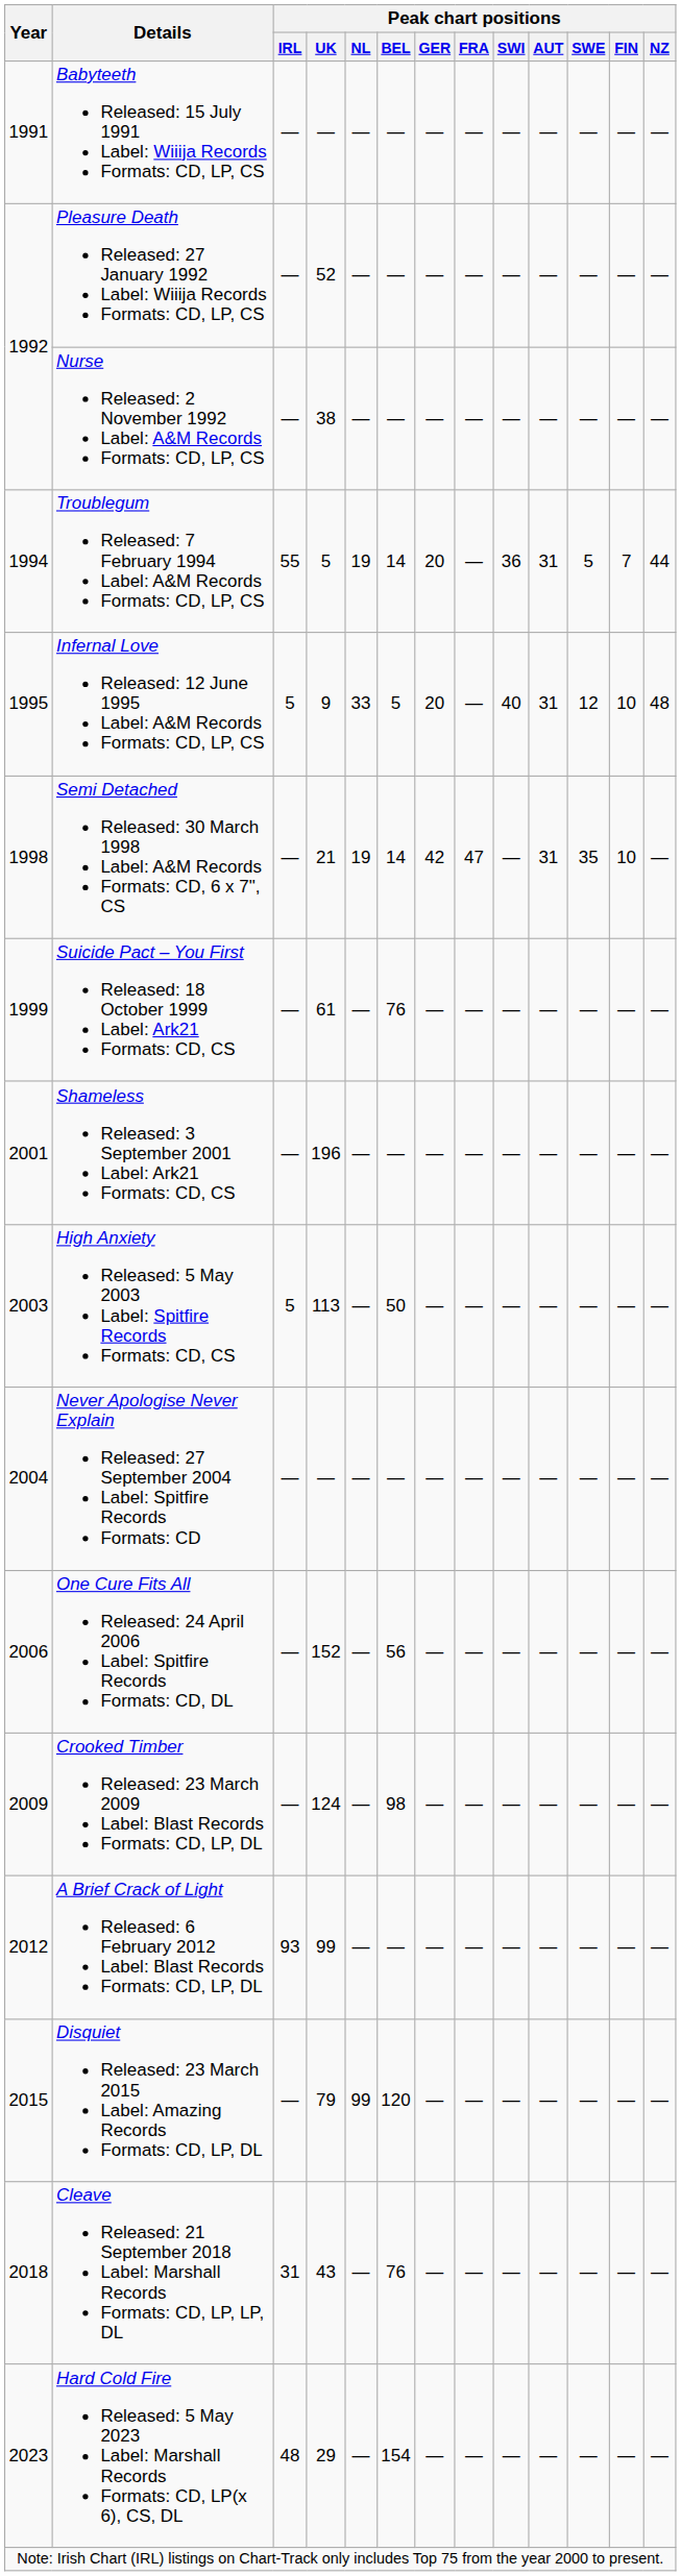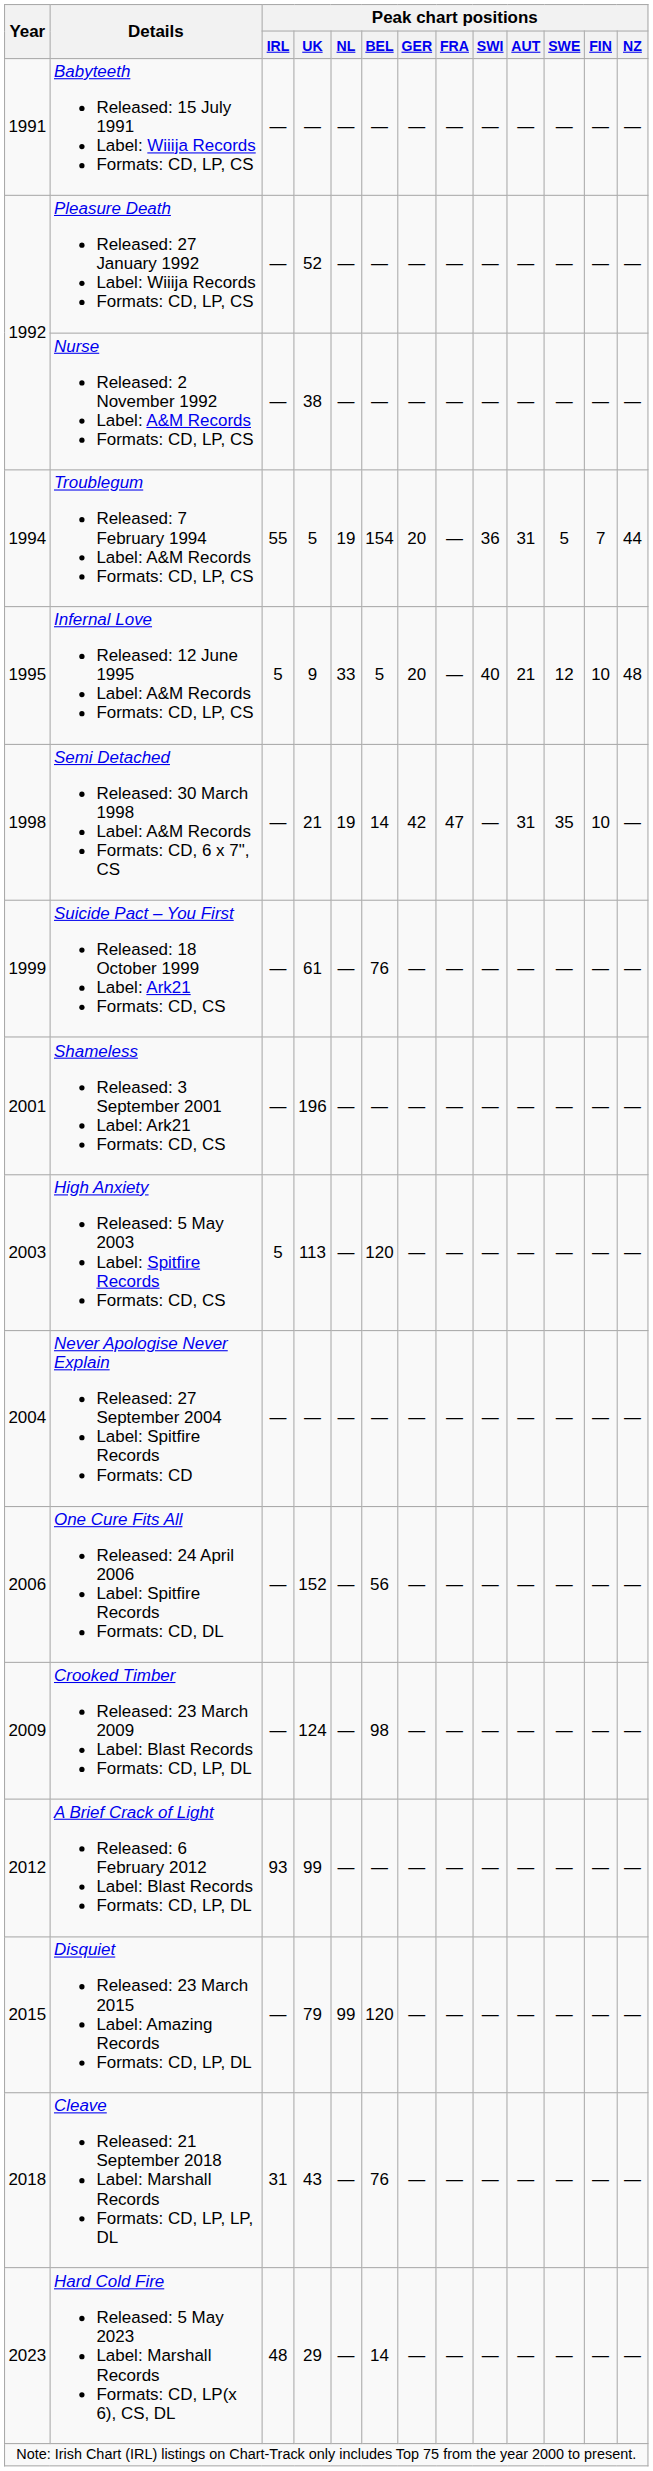 <table class="wikitable">
 <tr>
 <th rowspan="2">Year</th>
 <th rowspan="2" style="width:250px;">Details</th>
 <th colspan="11">Peak chart positions</th>
 </tr>
 <tr>
 <th width="25"><small><a href='#'>IRL</a><br></small></th>
 <th width="25"><small><a href='#'>UK</a><br></small></th>
 <th width="25"><small><a href='#'>NL</a><br></small></th>
 <th width="25"><small><a href='#'>BEL</a><br></small></th>
 <th width="25"><small><a href='#'>GER</a><br></small></th>
 <th width="25"><small><a href='#'>FRA</a><br></small></th>
 <th width="25"><small><a href='#'>SWI</a><br></small></th>
 <th width="25"><small><a href='#'>AUT</a><br></small></th>
 <th width="25"><small><a href='#'>SWE</a><br></small></th>
 <th width="25"><small><a href='#'>FIN</a><br></small></th>
 <th width="25"><small><a href='#'>NZ</a><br></small></th>
 </tr>
 <tr>
 <td>1991</td>
 <td><em><a href='#'>Babyteeth</a></em><br><ul><li>Released: 15 July 1991</li><li>Label: <a href='#'>Wiiija Records</a></li><li>Formats: CD, LP, CS</li></ul></td>
 <td style="text-align:center;">—</td>
 <td style="text-align:center;">—</td>
 <td style="text-align:center;">—</td>
 <td style="text-align:center;">—</td>
 <td style="text-align:center;">—</td>
 <td style="text-align:center;">—</td>
 <td style="text-align:center;">—</td>
 <td style="text-align:center;">—</td>
 <td style="text-align:center;">—</td>
 <td style="text-align:center;">—</td>
 <td style="text-align:center;">—</td>
 </tr>
 <tr>
 <td rowspan="2">1992</td>
 <td><em><a href='#'>Pleasure Death</a></em><br><ul><li>Released: 27 January 1992</li><li>Label: Wiiija Records</li><li>Formats: CD, LP, CS</li></ul></td>
 <td style="text-align:center;">—</td>
 <td style="text-align:center;">52</td>
 <td style="text-align:center;">—</td>
 <td style="text-align:center;">—</td>
 <td style="text-align:center;">—</td>
 <td style="text-align:center;">—</td>
 <td style="text-align:center;">—</td>
 <td style="text-align:center;">—</td>
 <td style="text-align:center;">—</td>
 <td style="text-align:center;">—</td>
 <td style="text-align:center;">—</td>
 </tr>
 <tr>
 <td><em><a href='#'>Nurse</a></em><br><ul><li>Released: 2 November 1992</li><li>Label: <a href='#'>A&M Records</a></li><li>Formats: CD, LP, CS</li></ul></td>
 <td style="text-align:center;">—</td>
 <td style="text-align:center;">38</td>
 <td style="text-align:center;">—</td>
 <td style="text-align:center;">—</td>
 <td style="text-align:center;">—</td>
 <td style="text-align:center;">—</td>
 <td style="text-align:center;">—</td>
 <td style="text-align:center;">—</td>
 <td style="text-align:center;">—</td>
 <td style="text-align:center;">—</td>
 <td style="text-align:center;">—</td>
 </tr>
 <tr>
 <td>1994</td>
 <td><em><a href='#'>Troublegum</a></em><br><ul><li>Released: 7 February 1994</li><li>Label: A&M Records</li><li>Formats: CD, LP, CS</li></ul></td>
 <td style="text-align:center;">55</td>
 <td style="text-align:center;">5</td>
 <td style="text-align:center;">19</td>
-<td style="text-align:center;">14</td>
+<td style="text-align:center;">154</td>
 <td style="text-align:center;">20</td>
 <td style="text-align:center;">—</td>
 <td style="text-align:center;">36</td>
 <td style="text-align:center;">31</td>
 <td style="text-align:center;">5</td>
 <td style="text-align:center;">7</td>
 <td style="text-align:center;">44</td>
 </tr>
 <tr>
 <td>1995</td>
 <td><em><a href='#'>Infernal Love</a></em><br><ul><li>Released: 12 June 1995</li><li>Label: A&M Records</li><li>Formats: CD, LP, CS</li></ul></td>
 <td style="text-align:center;">5</td>
 <td style="text-align:center;">9</td>
 <td style="text-align:center;">33</td>
 <td style="text-align:center;">5</td>
 <td style="text-align:center;">20</td>
 <td style="text-align:center;">—</td>
 <td style="text-align:center;">40</td>
-<td style="text-align:center;">31</td>
+<td style="text-align:center;">21</td>
 <td style="text-align:center;">12</td>
 <td style="text-align:center;">10</td>
 <td style="text-align:center;">48</td>
 </tr>
 <tr>
 <td>1998</td>
 <td><em><a href='#'>Semi Detached</a></em><br><ul><li>Released: 30 March 1998</li><li>Label: A&M Records</li><li>Formats: CD, 6 x 7", CS</li></ul></td>
 <td style="text-align:center;">—</td>
 <td style="text-align:center;">21</td>
 <td style="text-align:center;">19</td>
 <td style="text-align:center;">14</td>
 <td style="text-align:center;">42</td>
 <td style="text-align:center;">47</td>
 <td style="text-align:center;">—</td>
 <td style="text-align:center;">31</td>
 <td style="text-align:center;">35</td>
 <td style="text-align:center;">10</td>
 <td style="text-align:center;">—</td>
 </tr>
 <tr>
 <td>1999</td>
 <td><em><a href='#'>Suicide Pact – You First</a></em><br><ul><li>Released: 18 October 1999</li><li>Label: <a href='#'>Ark21</a></li><li>Formats: CD, CS</li></ul></td>
 <td style="text-align:center;">—</td>
 <td style="text-align:center;">61</td>
 <td style="text-align:center;">—</td>
 <td style="text-align:center;">76</td>
 <td style="text-align:center;">—</td>
 <td style="text-align:center;">—</td>
 <td style="text-align:center;">—</td>
 <td style="text-align:center;">—</td>
 <td style="text-align:center;">—</td>
 <td style="text-align:center;">—</td>
 <td style="text-align:center;">—</td>
 </tr>
 <tr>
 <td>2001</td>
 <td><em><a href='#'>Shameless</a></em><br><ul><li>Released: 3 September 2001</li><li>Label: Ark21</li><li>Formats: CD, CS</li></ul></td>
 <td style="text-align:center;">—</td>
 <td style="text-align:center;">196</td>
 <td style="text-align:center;">—</td>
 <td style="text-align:center;">—</td>
 <td style="text-align:center;">—</td>
 <td style="text-align:center;">—</td>
 <td style="text-align:center;">—</td>
 <td style="text-align:center;">—</td>
 <td style="text-align:center;">—</td>
 <td style="text-align:center;">—</td>
 <td style="text-align:center;">—</td>
 </tr>
 <tr>
 <td>2003</td>
 <td><em><a href='#'>High Anxiety</a></em><br><ul><li>Released: 5 May 2003</li><li>Label: <a href='#'>Spitfire Records</a></li><li>Formats: CD, CS</li></ul></td>
 <td style="text-align:center;">5</td>
 <td style="text-align:center;">113</td>
 <td style="text-align:center;">—</td>
-<td style="text-align:center;">50</td>
+<td style="text-align:center;">120</td>
 <td style="text-align:center;">—</td>
 <td style="text-align:center;">—</td>
 <td style="text-align:center;">—</td>
 <td style="text-align:center;">—</td>
 <td style="text-align:center;">—</td>
 <td style="text-align:center;">—</td>
 <td style="text-align:center;">—</td>
 </tr>
 <tr>
 <td>2004</td>
 <td><em><a href='#'>Never Apologise Never Explain</a></em><br><ul><li>Released: 27 September 2004</li><li>Label: Spitfire Records</li><li>Formats: CD</li></ul></td>
 <td style="text-align:center;">—</td>
 <td style="text-align:center;">—</td>
 <td style="text-align:center;">—</td>
 <td style="text-align:center;">—</td>
 <td style="text-align:center;">—</td>
 <td style="text-align:center;">—</td>
 <td style="text-align:center;">—</td>
 <td style="text-align:center;">—</td>
 <td style="text-align:center;">—</td>
 <td style="text-align:center;">—</td>
 <td style="text-align:center;">—</td>
 </tr>
 <tr>
 <td>2006</td>
 <td><em><a href='#'>One Cure Fits All</a></em><br><ul><li>Released: 24 April 2006</li><li>Label: Spitfire Records</li><li>Formats: CD, DL</li></ul></td>
 <td style="text-align:center;">—</td>
 <td style="text-align:center;">152</td>
 <td style="text-align:center;">—</td>
 <td style="text-align:center;">56</td>
 <td style="text-align:center;">—</td>
 <td style="text-align:center;">—</td>
 <td style="text-align:center;">—</td>
 <td style="text-align:center;">—</td>
 <td style="text-align:center;">—</td>
 <td style="text-align:center;">—</td>
 <td style="text-align:center;">—</td>
 </tr>
 <tr>
 <td>2009</td>
 <td><em><a href='#'>Crooked Timber</a></em><br><ul><li>Released: 23 March 2009</li><li>Label: Blast Records</li><li>Formats: CD, LP, DL</li></ul></td>
 <td style="text-align:center;">—</td>
 <td style="text-align:center;">124</td>
 <td style="text-align:center;">—</td>
 <td style="text-align:center;">98</td>
 <td style="text-align:center;">—</td>
 <td style="text-align:center;">—</td>
 <td style="text-align:center;">—</td>
 <td style="text-align:center;">—</td>
 <td style="text-align:center;">—</td>
 <td style="text-align:center;">—</td>
 <td style="text-align:center;">—</td>
 </tr>
 <tr>
 <td>2012</td>
 <td><em><a href='#'>A Brief Crack of Light</a></em><br><ul><li>Released: 6 February 2012</li><li>Label: Blast Records</li><li>Formats: CD, LP, DL</li></ul></td>
 <td style="text-align:center;">93</td>
 <td style="text-align:center;">99</td>
 <td style="text-align:center;">—</td>
 <td style="text-align:center;">—</td>
 <td style="text-align:center;">—</td>
 <td style="text-align:center;">—</td>
 <td style="text-align:center;">—</td>
 <td style="text-align:center;">—</td>
 <td style="text-align:center;">—</td>
 <td style="text-align:center;">—</td>
 <td style="text-align:center;">—</td>
 </tr>
 <tr>
 <td>2015</td>
 <td><em><a href='#'>Disquiet</a></em><br><ul><li>Released: 23 March 2015</li><li>Label: Amazing Records</li><li>Formats: CD, LP, DL</li></ul></td>
 <td style="text-align:center;">—</td>
 <td style="text-align:center;">79</td>
 <td style="text-align:center;">99</td>
 <td style="text-align:center;">120</td>
 <td style="text-align:center;">—</td>
 <td style="text-align:center;">—</td>
 <td style="text-align:center;">—</td>
 <td style="text-align:center;">—</td>
 <td style="text-align:center;">—</td>
 <td style="text-align:center;">—</td>
 <td style="text-align:center;">—</td>
 </tr>
 <tr>
 <td>2018</td>
 <td><em><a href='#'>Cleave</a></em><br><ul><li>Released: 21 September 2018</li><li>Label: Marshall Records</li><li>Formats: CD, LP, LP, DL</li></ul></td>
 <td style="text-align:center;">31</td>
 <td style="text-align:center;">43</td>
 <td style="text-align:center;">—</td>
 <td style="text-align:center;">76</td>
 <td style="text-align:center;">—</td>
 <td style="text-align:center;">—</td>
 <td style="text-align:center;">—</td>
 <td style="text-align:center;">—</td>
 <td style="text-align:center;">—</td>
 <td style="text-align:center;">—</td>
 <td style="text-align:center;">—</td>
 </tr>
 <tr>
 <td>2023</td>
 <td><em><a href='#'>Hard Cold Fire</a></em><br><ul><li>Released: 5 May 2023</li><li>Label: Marshall Records</li><li>Formats: CD, LP(x 6), CS, DL</li></ul></td>
 <td style="text-align:center;">48</td>
 <td style="text-align:center;">29</td>
 <td style="text-align:center;">—</td>
-<td style="text-align:center;">154</td>
+<td style="text-align:center;">14</td>
 <td style="text-align:center;">—</td>
 <td style="text-align:center;">—</td>
 <td style="text-align:center;">—</td>
 <td style="text-align:center;">—</td>
 <td style="text-align:center;">—</td>
 <td style="text-align:center;">—</td>
 <td style="text-align:center;">—</td>
 </tr>
 <tr>
 <td colspan="14"  style="text-align:center; font-size:85%;">Note: Irish Chart (IRL) listings on Chart-Track only includes Top 75 from the year 2000 to present.</td>
 </tr>
 </table>
